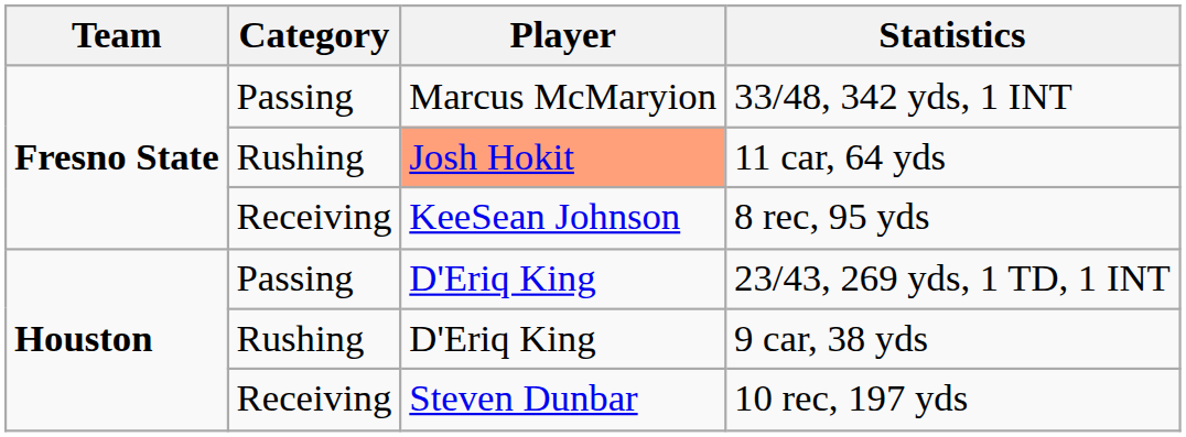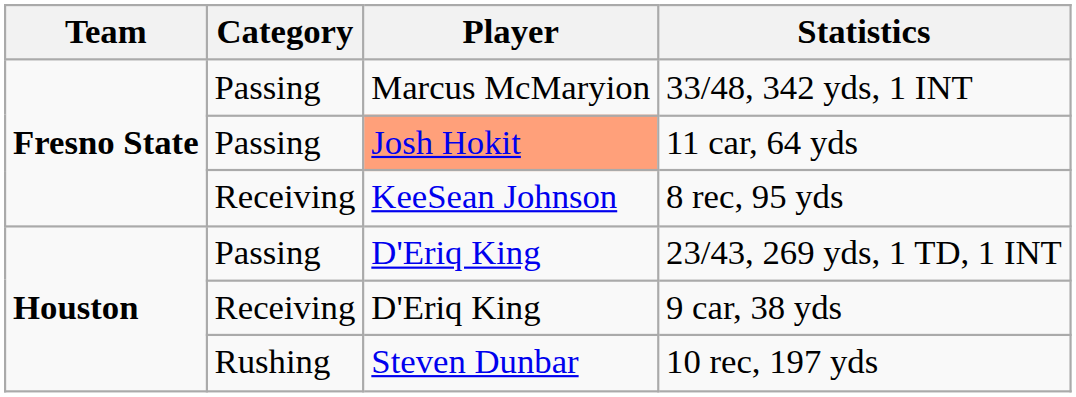 <table class="wikitable">
 <tr>
 <th>Team</th>
 <th>Category</th>
 <th>Player</th>
 <th>Statistics</th>
 </tr>
 <tr>
 <td rowspan=3><strong>Fresno State</strong></td>
 <td>Passing</td>
 <td>Marcus McMaryion</td>
 <td>33/48, 342 yds, 1 INT</td>
 </tr>
 <tr>
-<td>Rushing</td>
+<td>Passing</td>
 <td style="background: lightsalmon;"><a href='#'>Josh Hokit</a></td>
 <td>11 car, 64 yds</td>
 </tr>
 <tr>
 <td>Receiving</td>
 <td><a href='#'>KeeSean Johnson</a></td>
 <td>8 rec, 95 yds</td>
 </tr>
 <tr>
 <td rowspan=3><strong>Houston</strong></td>
 <td>Passing</td>
 <td><a href='#'>D'Eriq King</a></td>
 <td>23/43, 269 yds, 1 TD, 1 INT</td>
 </tr>
 <tr>
-<td>Rushing</td>
+<td>Receiving</td>
 <td>D'Eriq King</td>
 <td>9 car, 38 yds</td>
 </tr>
 <tr>
-<td>Receiving</td>
+<td>Rushing</td>
 <td><a href='#'>Steven Dunbar</a></td>
 <td>10 rec, 197 yds</td>
 </tr>
 </table>
